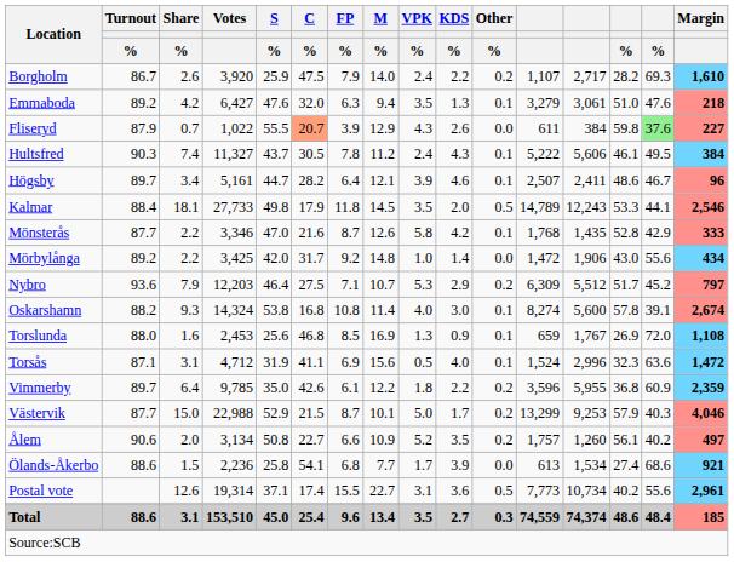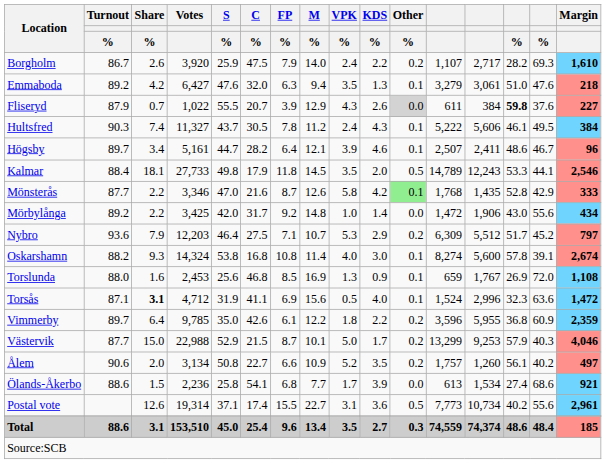 <table class="wikitable sortable" style="text-align:right; font-size:95%; line-height:20px;">
 <tr>
 <th rowspan="3">Location</th>
 <th>Turnout</th>
 <th>Share</th>
 <th>Votes</th>
 <th width="30px" class="unsortable"><a href='#'>S</a></th>
 <th width="30px" class="unsortable"><a href='#'>C</a></th>
 <th width="30px" class="unsortable"><a href='#'>FP</a></th>
 <th width="30px" class="unsortable"><a href='#'>M</a></th>
 <th width="30px" class="unsortable"><a href='#'>VPK</a></th>
 <th width="30px" class="unsortable"><a href='#'>KDS</a></th>
 <th width="30px" class="unsortable">Other</th>
 <th></th>
 <th></th>
 <th></th>
 <th></th>
 <th>Margin</th>
 </tr>
 <tr>
 <th></th>
 <th></th>
 <th></th>
 <th style="background:"></th>
 <th style="background:"></th>
 <th style="background:"></th>
 <th style="background:"></th>
 <th style="background:"></th>
 <th style="background:"></th>
 <th style="background:"></th>
 <th style="background:"></th>
 <th style="background:"></th>
 <th style="background:"></th>
 <th style="background:"></th>
 <th></th>
 </tr>
 <tr>
 <th data-sort-type="number">%</th>
 <th data-sort-type="number">%</th>
 <th></th>
 <th data-sort-type="number">%</th>
 <th data-sort-type="number">%</th>
 <th data-sort-type="number">%</th>
 <th data-sort-type="number">%</th>
 <th data-sort-type="number">%</th>
 <th data-sort-type="number">%</th>
 <th data-sort-type="number">%</th>
 <th data-sort-type="number"></th>
 <th data-sort-type="number"></th>
 <th data-sort-type="number">%</th>
 <th data-sort-type="number">%</th>
 <th data-sort-type="number"></th>
 </tr>
 <tr>
 <td align=left><a href='#'>Borgholm</a></td>
 <td>86.7</td>
 <td>2.6</td>
 <td>3,920</td>
 <td>25.9</td>
 <td>47.5</td>
 <td>7.9</td>
 <td>14.0</td>
 <td>2.4</td>
 <td>2.2</td>
 <td>0.2</td>
 <td>1,107</td>
 <td>2,717</td>
 <td>28.2</td>
 <td>69.3</td>
 <td bgcolor=#6fd5fe><strong>1,610</strong></td>
 </tr>
 <tr>
 <td align=left><a href='#'>Emmaboda</a></td>
 <td>89.2</td>
 <td>4.2</td>
 <td>6,427</td>
 <td>47.6</td>
 <td>32.0</td>
 <td>6.3</td>
 <td>9.4</td>
 <td>3.5</td>
 <td>1.3</td>
 <td>0.1</td>
 <td>3,279</td>
 <td>3,061</td>
 <td>51.0</td>
 <td>47.6</td>
 <td bgcolor=#ff908c><strong>218</strong></td>
 </tr>
 <tr>
 <td align=left><a href='#'>Fliseryd</a></td>
 <td>87.9</td>
 <td>0.7</td>
 <td>1,022</td>
 <td>55.5</td>
-<td style="background: lightsalmon;">20.7</td>
+<td>20.7</td>
 <td>3.9</td>
 <td>12.9</td>
 <td>4.3</td>
 <td>2.6</td>
-<td>0.0</td>
+<td style="background: lightgrey;">0.0</td>
 <td>611</td>
 <td>384</td>
-<td>59.8</td>
-<td style="background: lightgreen;">37.6</td>
+<td><strong>59.8</strong></td>
+<td>37.6</td>
 <td bgcolor=#ff908c><strong>227</strong></td>
 </tr>
 <tr>
 <td align=left><a href='#'>Hultsfred</a></td>
 <td>90.3</td>
 <td>7.4</td>
 <td>11,327</td>
 <td>43.7</td>
 <td>30.5</td>
 <td>7.8</td>
 <td>11.2</td>
 <td>2.4</td>
 <td>4.3</td>
 <td>0.1</td>
 <td>5,222</td>
 <td>5,606</td>
 <td>46.1</td>
 <td>49.5</td>
 <td bgcolor=#6fd5fe><strong>384</strong></td>
 </tr>
 <tr>
 <td align=left><a href='#'>Högsby</a></td>
 <td>89.7</td>
 <td>3.4</td>
 <td>5,161</td>
 <td>44.7</td>
 <td>28.2</td>
 <td>6.4</td>
 <td>12.1</td>
 <td>3.9</td>
 <td>4.6</td>
 <td>0.1</td>
 <td>2,507</td>
 <td>2,411</td>
 <td>48.6</td>
 <td>46.7</td>
 <td bgcolor=#ff908c><strong>96</strong></td>
 </tr>
 <tr>
 <td align=left><a href='#'>Kalmar</a></td>
 <td>88.4</td>
 <td>18.1</td>
 <td>27,733</td>
 <td>49.8</td>
 <td>17.9</td>
 <td>11.8</td>
 <td>14.5</td>
 <td>3.5</td>
 <td>2.0</td>
 <td>0.5</td>
 <td>14,789</td>
 <td>12,243</td>
 <td>53.3</td>
 <td>44.1</td>
 <td bgcolor=#ff908c><strong>2,546</strong></td>
 </tr>
 <tr>
 <td align=left><a href='#'>Mönsterås</a></td>
 <td>87.7</td>
 <td>2.2</td>
 <td>3,346</td>
 <td>47.0</td>
 <td>21.6</td>
 <td>8.7</td>
 <td>12.6</td>
 <td>5.8</td>
 <td>4.2</td>
-<td>0.1</td>
+<td style="background: lightgreen;">0.1</td>
 <td>1,768</td>
 <td>1,435</td>
 <td>52.8</td>
 <td>42.9</td>
 <td bgcolor=#ff908c><strong>333</strong></td>
 </tr>
 <tr>
 <td align=left><a href='#'>Mörbylånga</a></td>
 <td>89.2</td>
 <td>2.2</td>
 <td>3,425</td>
 <td>42.0</td>
 <td>31.7</td>
 <td>9.2</td>
 <td>14.8</td>
 <td>1.0</td>
 <td>1.4</td>
 <td>0.0</td>
 <td>1,472</td>
 <td>1,906</td>
 <td>43.0</td>
 <td>55.6</td>
 <td bgcolor=#6fd5fe><strong>434</strong></td>
 </tr>
 <tr>
 <td align=left><a href='#'>Nybro</a></td>
 <td>93.6</td>
 <td>7.9</td>
 <td>12,203</td>
 <td>46.4</td>
 <td>27.5</td>
 <td>7.1</td>
 <td>10.7</td>
 <td>5.3</td>
 <td>2.9</td>
 <td>0.2</td>
 <td>6,309</td>
 <td>5,512</td>
 <td>51.7</td>
 <td>45.2</td>
 <td bgcolor=#ff908c><strong>797</strong></td>
 </tr>
 <tr>
 <td align=left><a href='#'>Oskarshamn</a></td>
 <td>88.2</td>
 <td>9.3</td>
 <td>14,324</td>
 <td>53.8</td>
 <td>16.8</td>
 <td>10.8</td>
 <td>11.4</td>
 <td>4.0</td>
 <td>3.0</td>
 <td>0.1</td>
 <td>8,274</td>
 <td>5,600</td>
 <td>57.8</td>
 <td>39.1</td>
 <td bgcolor=#ff908c><strong>2,674</strong></td>
 </tr>
 <tr>
 <td align=left><a href='#'>Torslunda</a></td>
 <td>88.0</td>
 <td>1.6</td>
 <td>2,453</td>
 <td>25.6</td>
 <td>46.8</td>
 <td>8.5</td>
 <td>16.9</td>
 <td>1.3</td>
 <td>0.9</td>
 <td>0.1</td>
 <td>659</td>
 <td>1,767</td>
 <td>26.9</td>
 <td>72.0</td>
 <td bgcolor=#6fd5fe><strong>1,108</strong></td>
 </tr>
 <tr>
 <td align=left><a href='#'>Torsås</a></td>
 <td>87.1</td>
-<td>3.1</td>
+<td><strong>3.1</strong></td>
 <td>4,712</td>
 <td>31.9</td>
 <td>41.1</td>
 <td>6.9</td>
 <td>15.6</td>
 <td>0.5</td>
 <td>4.0</td>
 <td>0.1</td>
 <td>1,524</td>
 <td>2,996</td>
 <td>32.3</td>
 <td>63.6</td>
 <td bgcolor=#6fd5fe><strong>1,472</strong></td>
 </tr>
 <tr>
 <td align=left><a href='#'>Vimmerby</a></td>
 <td>89.7</td>
 <td>6.4</td>
 <td>9,785</td>
 <td>35.0</td>
 <td>42.6</td>
 <td>6.1</td>
 <td>12.2</td>
 <td>1.8</td>
 <td>2.2</td>
 <td>0.2</td>
 <td>3,596</td>
 <td>5,955</td>
 <td>36.8</td>
 <td>60.9</td>
 <td bgcolor=#6fd5fe><strong>2,359</strong></td>
 </tr>
 <tr>
 <td align=left><a href='#'>Västervik</a></td>
 <td>87.7</td>
 <td>15.0</td>
 <td>22,988</td>
 <td>52.9</td>
 <td>21.5</td>
 <td>8.7</td>
 <td>10.1</td>
 <td>5.0</td>
 <td>1.7</td>
 <td>0.2</td>
 <td>13,299</td>
 <td>9,253</td>
 <td>57.9</td>
 <td>40.3</td>
 <td bgcolor=#ff908c><strong>4,046</strong></td>
 </tr>
 <tr>
 <td align=left><a href='#'>Ålem</a></td>
 <td>90.6</td>
 <td>2.0</td>
 <td>3,134</td>
 <td>50.8</td>
 <td>22.7</td>
 <td>6.6</td>
 <td>10.9</td>
 <td>5.2</td>
 <td>3.5</td>
 <td>0.2</td>
 <td>1,757</td>
 <td>1,260</td>
 <td>56.1</td>
 <td>40.2</td>
 <td bgcolor=#ff908c><strong>497</strong></td>
 </tr>
 <tr>
 <td align=left><a href='#'>Ölands-Åkerbo</a></td>
 <td>88.6</td>
 <td>1.5</td>
 <td>2,236</td>
 <td>25.8</td>
 <td>54.1</td>
 <td>6.8</td>
 <td>7.7</td>
 <td>1.7</td>
 <td>3.9</td>
 <td>0.0</td>
 <td>613</td>
 <td>1,534</td>
 <td>27.4</td>
 <td>68.6</td>
 <td bgcolor=#6fd5fe><strong>921</strong></td>
 </tr>
 <tr>
 <td align=left><a href='#'>Postal vote</a></td>
 <td></td>
 <td>12.6</td>
 <td>19,314</td>
 <td>37.1</td>
 <td>17.4</td>
 <td>15.5</td>
 <td>22.7</td>
 <td>3.1</td>
 <td>3.6</td>
 <td>0.5</td>
 <td>7,773</td>
 <td>10,734</td>
 <td>40.2</td>
 <td>55.6</td>
 <td bgcolor=#6fd5fe><strong>2,961</strong></td>
 </tr>
 <tr>
 </tr>
 <tr style="background:#CDCDCD;">
 <td align=left><strong>Total</strong></td>
 <td><strong>88.6</strong></td>
 <td><strong>3.1</strong></td>
 <td><strong>153,510</strong></td>
 <td><strong>45.0</strong></td>
 <td><strong>25.4</strong></td>
 <td><strong>9.6</strong></td>
 <td><strong>13.4</strong></td>
 <td><strong>3.5</strong></td>
 <td><strong>2.7</strong></td>
 <td><strong>0.3</strong></td>
 <td><strong>74,559</strong></td>
 <td><strong>74,374</strong></td>
 <td><strong>48.6</strong></td>
 <td><strong>48.4</strong></td>
 <td bgcolor=#ff908c><strong>185</strong></td>
 </tr>
 <tr>
 <td align=left colspan=16>Source:SCB </td>
 </tr>
 </table>
